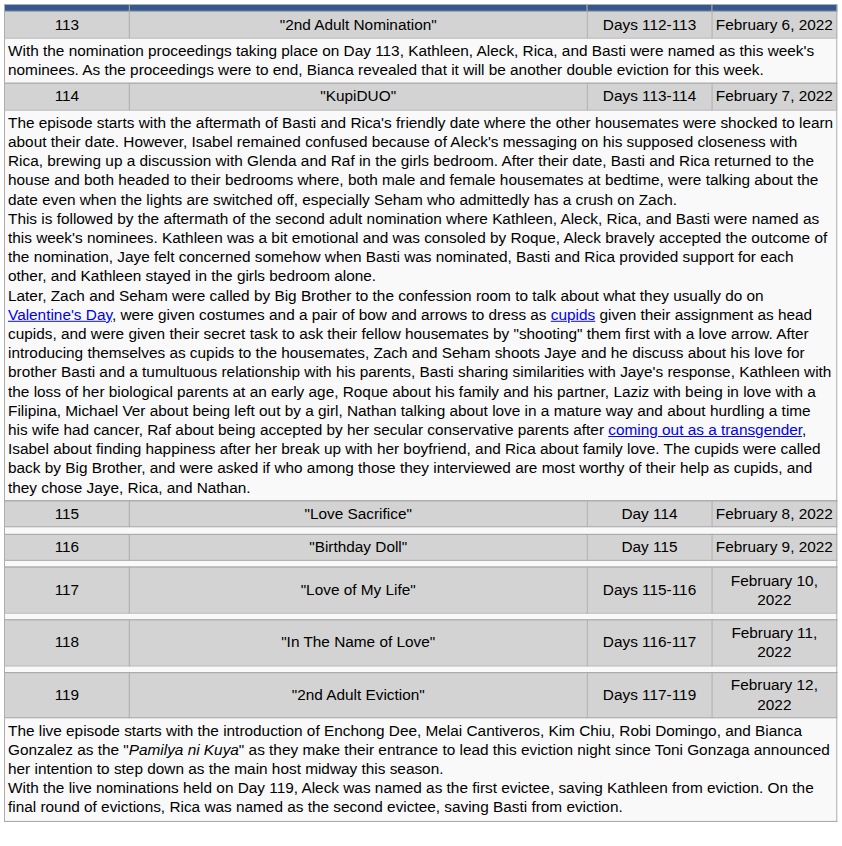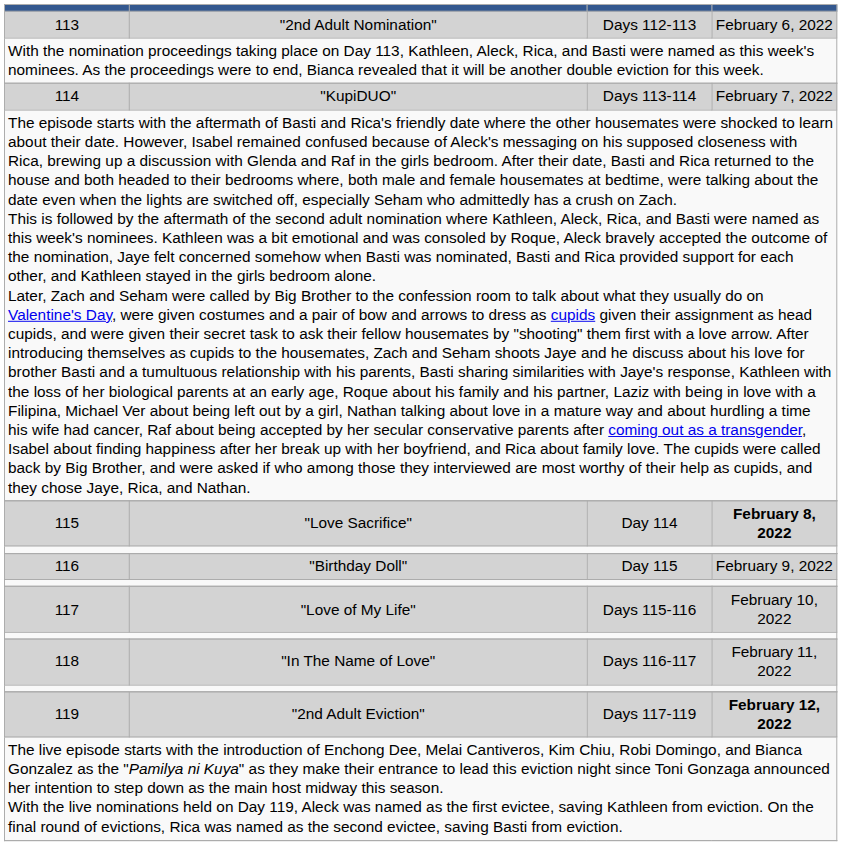 <table class="wikitable sortable" style="font-size:100%; line-height:20px; text-align:center">
 <tr>
 <th width="15%" style="background:#34588F"></th>
 <th width="55%" style="background:#34588F"></th>
 <th width="15%" style="background:#34588F"></th>
 <th width="15%" style="background:#34588F"></th>
 </tr>
 <tr style="background:lightgrey;">
 <td>113</td>
 <td>"2nd Adult Nomination"</td>
 <td>Days 112-113</td>
 <td>February 6, 2022</td>
 </tr>
 <tr>
 <td colspan="4" align="left">With the nomination proceedings taking place on Day 113, Kathleen, Aleck, Rica, and Basti were named as this week's nominees. As the proceedings were to end, Bianca revealed that it will be another double eviction for this week.</td>
 </tr>
 <tr>
 </tr>
 <tr style="background:lightgrey;">
 <td>114</td>
 <td>"KupiDUO"</td>
 <td>Days 113-114</td>
 <td>February 7, 2022</td>
 </tr>
 <tr>
 <td colspan="4" align="left">The episode starts with the aftermath of Basti and Rica's friendly date where the other housemates were shocked to learn about their date. However, Isabel remained confused because of Aleck's messaging on his supposed closeness with Rica, brewing up a discussion with Glenda and Raf in the girls bedroom. After their date, Basti and Rica returned to the house and both headed to their bedrooms where, both male and female housemates at bedtime, were talking about the date even when the lights are switched off, especially Seham who admittedly has a crush on Zach.<br>This is followed by the aftermath of the second adult nomination where Kathleen, Aleck, Rica, and Basti were named as this week's nominees. Kathleen was a bit emotional and was consoled by Roque, Aleck bravely accepted the outcome of the nomination, Jaye felt concerned somehow when Basti was nominated, Basti and Rica provided support for each other, and Kathleen stayed in the girls bedroom alone.<br>Later, Zach and Seham were called by Big Brother to the confession room to talk about what they usually do on <a href='#'>Valentine's Day</a>, were given costumes and a pair of bow and arrows to dress as <a href='#'>cupids</a> given their assignment as head cupids, and were given their secret task to ask their fellow housemates by "shooting" them first with a love arrow. After introducing themselves as cupids to the housemates, Zach and Seham shoots Jaye and he discuss about his love for brother Basti and a tumultuous relationship with his parents, Basti sharing similarities with Jaye's response, Kathleen with the loss of her biological parents at an early age, Roque about his family and his partner, Laziz with being in love with a Filipina, Michael Ver about being left out by a girl, Nathan talking about love in a mature way and about hurdling a time his wife had cancer, Raf about being accepted by her secular conservative parents after <a href='#'>coming out as a transgender</a>, Isabel about finding happiness after her break up with her boyfriend, and Rica about family love. The cupids were called back by Big Brother, and were asked if who among those they interviewed are most worthy of their help as cupids, and they chose Jaye, Rica, and Nathan.</td>
 </tr>
 <tr>
 </tr>
 <tr style="background:lightgrey;">
 <td>115</td>
 <td>"Love Sacrifice"</td>
 <td>Day 114</td>
-<td>February 8, 2022</td>
+<td><strong>February 8, 2022</strong></td>
 </tr>
 <tr>
 <td colspan="4" align="left"></td>
 </tr>
 <tr>
 </tr>
 <tr style="background:lightgrey;">
 <td>116</td>
 <td>"Birthday Doll"</td>
 <td>Day 115</td>
 <td>February 9, 2022</td>
 </tr>
 <tr>
 <td colspan="4" align="left"></td>
 </tr>
 <tr>
 </tr>
 <tr style="background:lightgrey;">
 <td>117</td>
 <td>"Love of My Life"</td>
 <td>Days 115-116</td>
 <td>February 10, 2022</td>
 </tr>
 <tr>
 <td colspan="4" align="left"></td>
 </tr>
 <tr>
 </tr>
 <tr style="background:lightgrey;">
 <td>118</td>
 <td>"In The Name of Love"</td>
 <td>Days 116-117</td>
 <td>February 11, 2022</td>
 </tr>
 <tr>
 <td colspan="4" align="left"></td>
 </tr>
 <tr>
 </tr>
 <tr style="background:lightgrey;">
 <td>119</td>
 <td>"2nd Adult Eviction"</td>
 <td>Days 117-119</td>
-<td>February 12, 2022</td>
+<td><strong>February 12, 2022</strong></td>
 </tr>
 <tr>
 <td colspan="4" align="left">The live episode starts with the introduction of Enchong Dee, Melai Cantiveros, Kim Chiu, Robi Domingo, and Bianca Gonzalez as the "<em>Pamilya ni Kuya</em>" as they make their entrance to lead this eviction night since Toni Gonzaga announced her intention to step down as the main host midway this season.<br>With the live nominations held on Day 119, Aleck was named as the first evictee, saving Kathleen from eviction. On the final round of evictions, Rica was named as the second evictee, saving Basti from eviction.</td>
 </tr>
 <tr>
 </tr>
 </table>
